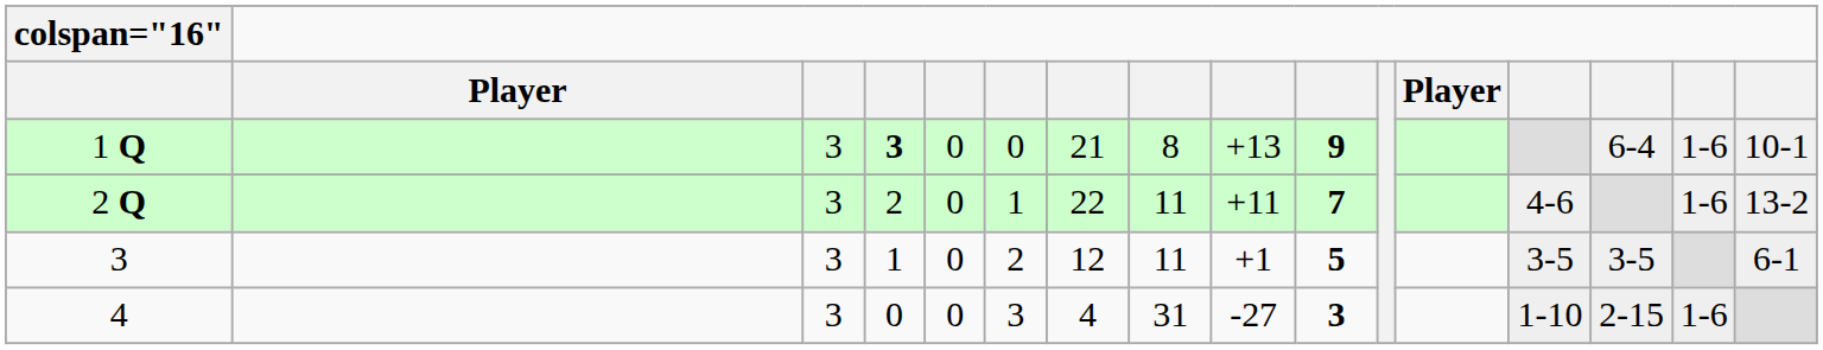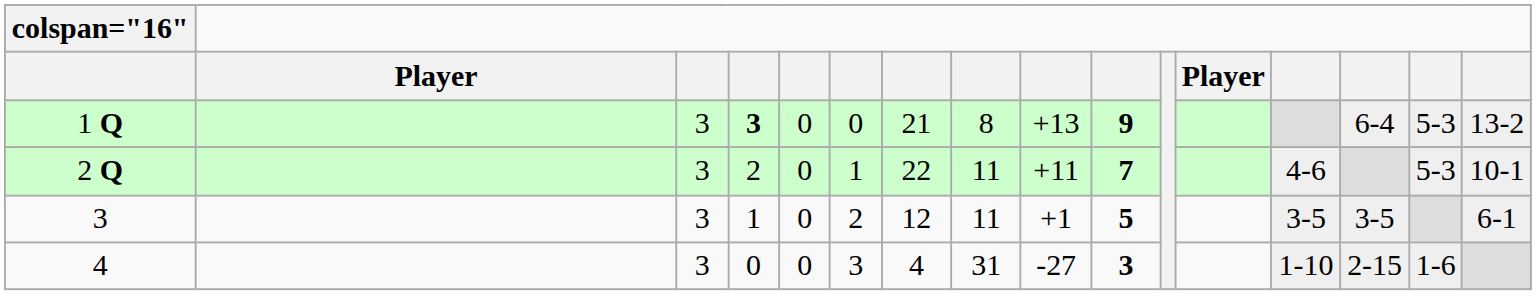 <table class=wikitable style=text-align:center>
 <tr>
 <th>colspan="16" </th>
 </tr>
 <tr>
 <th width=20 abbr=Position></th>
 <th width=250>Player</th>
 <th width=20 abbr=Played></th>
 <th width=20 abbr=Won></th>
 <th width=20 abbr=Drawn></th>
 <th width=20 abbr=Lost></th>
 <th width=30 abbr=Points for></th>
 <th width=30 abbr=Points against></th>
 <th width=30 abbr=Points difference></th>
 <th width=30 abbr=Points></th>
 <th rowspan="5" abbr=H2H></th>
 <th>Player</th>
 <th></th>
 <th></th>
 <th></th>
 <th></th>
 </tr>
 <tr bgcolor=#CCFFCC>
 <td>1 <strong>Q</strong></td>
 <td align=left><strong></strong></td>
 <td>3</td>
 <td><strong>3</strong></td>
 <td>0</td>
 <td>0</td>
 <td>21</td>
 <td>8</td>
 <td>+13</td>
 <td><strong>9</strong></td>
 <td></td>
 <td bgcolor="#dddddd"> </td>
 <td bgcolor="#efefef">6-4</td>
-<td bgcolor="#efefef">1-6</td>
-<td bgcolor="#efefef">10-1</td>
+<td bgcolor="#efefef">5-3</td>
+<td bgcolor="#efefef">13-2</td>
 </tr>
 <tr bgcolor=#CCFFCC>
 <td>2 <strong>Q</strong> </td>
 <td align=left><strong></strong></td>
 <td>3</td>
 <td>2</td>
 <td>0</td>
 <td>1</td>
 <td>22</td>
 <td>11</td>
 <td>+11</td>
 <td><strong>7</strong></td>
 <td></td>
 <td bgcolor="#efefef">4-6</td>
 <td bgcolor="#dddddd"> </td>
-<td bgcolor="#efefef">1-6</td>
-<td bgcolor="#efefef">13-2</td>
+<td bgcolor="#efefef">5-3</td>
+<td bgcolor="#efefef">10-1</td>
 </tr>
 <tr>
 <td>3 </td>
 <td align=left><strong></strong></td>
 <td>3</td>
 <td>1</td>
 <td>0</td>
 <td>2</td>
 <td>12</td>
 <td>11</td>
 <td>+1</td>
 <td><strong>5</strong></td>
 <td></td>
 <td bgcolor="#efefef">3-5</td>
 <td bgcolor="#efefef">3-5</td>
 <td bgcolor="#dddddd"> </td>
 <td bgcolor="#efefef">6-1</td>
 </tr>
 <tr>
 <td>4 </td>
 <td align=left><strong></strong></td>
 <td>3</td>
 <td>0</td>
 <td>0</td>
 <td>3</td>
 <td>4</td>
 <td>31</td>
 <td>-27</td>
 <td><strong>3</strong></td>
 <td></td>
 <td bgcolor="#efefef">1-10</td>
 <td bgcolor="#efefef">2-15</td>
 <td bgcolor="#efefef">1-6</td>
 <td bgcolor="#dddddd"> </td>
 </tr>
 </table>
